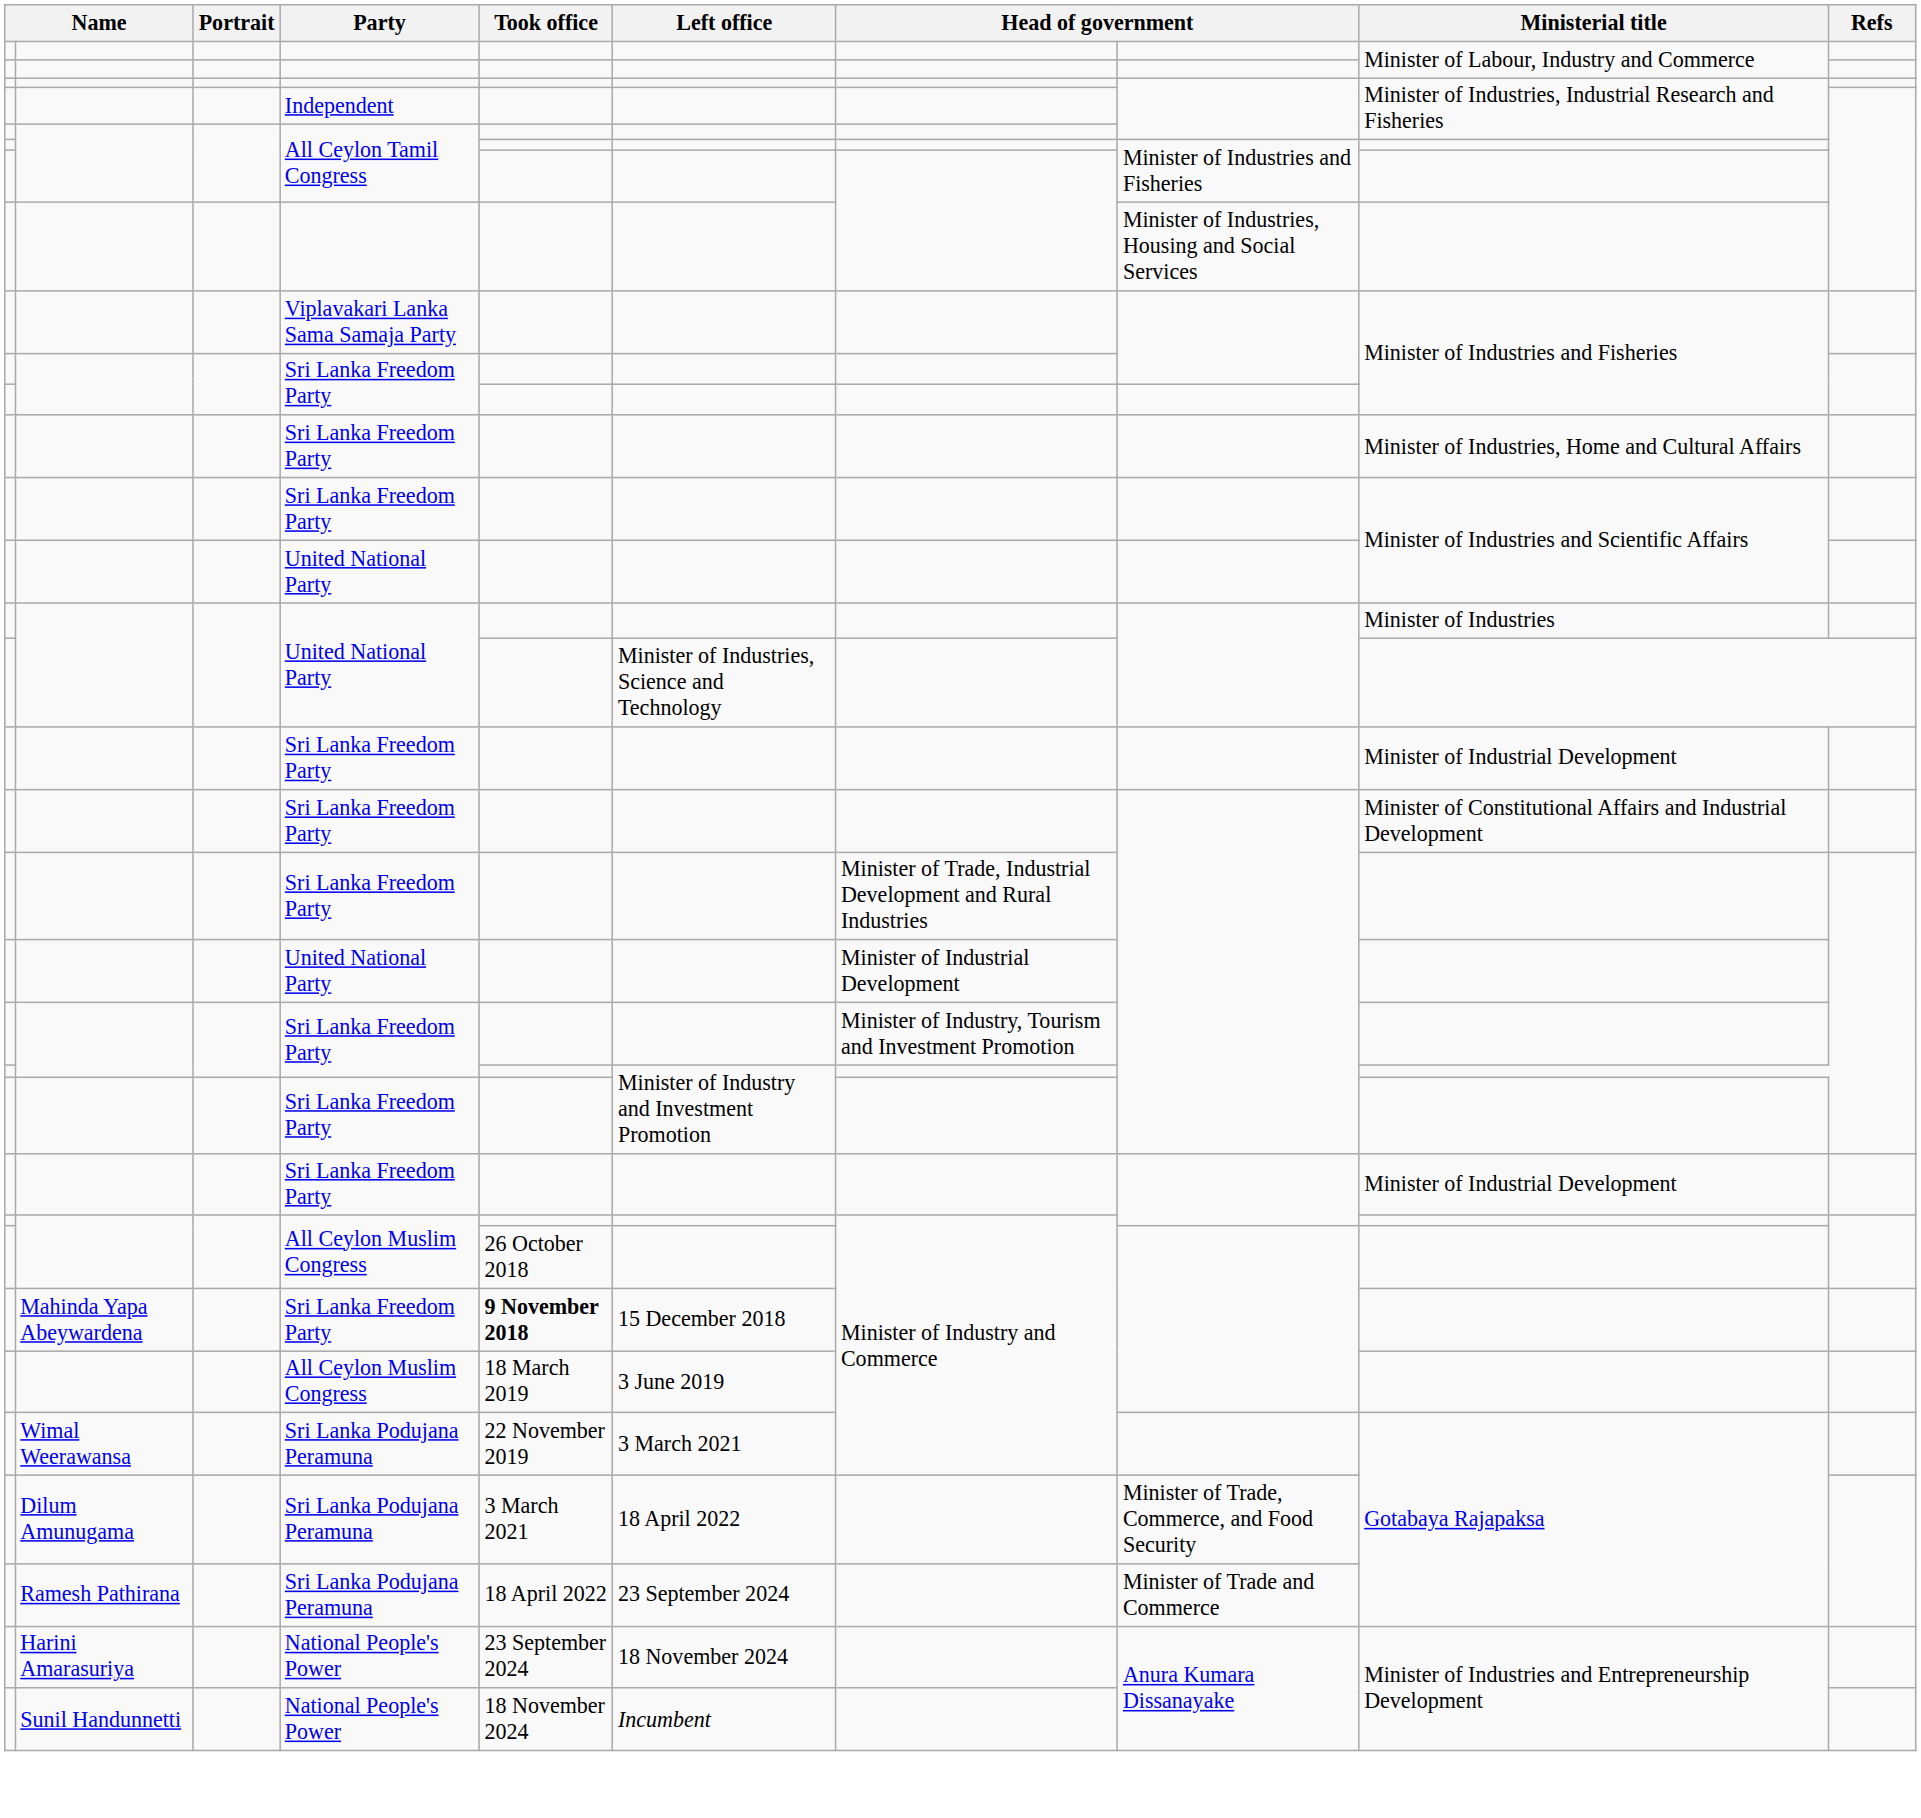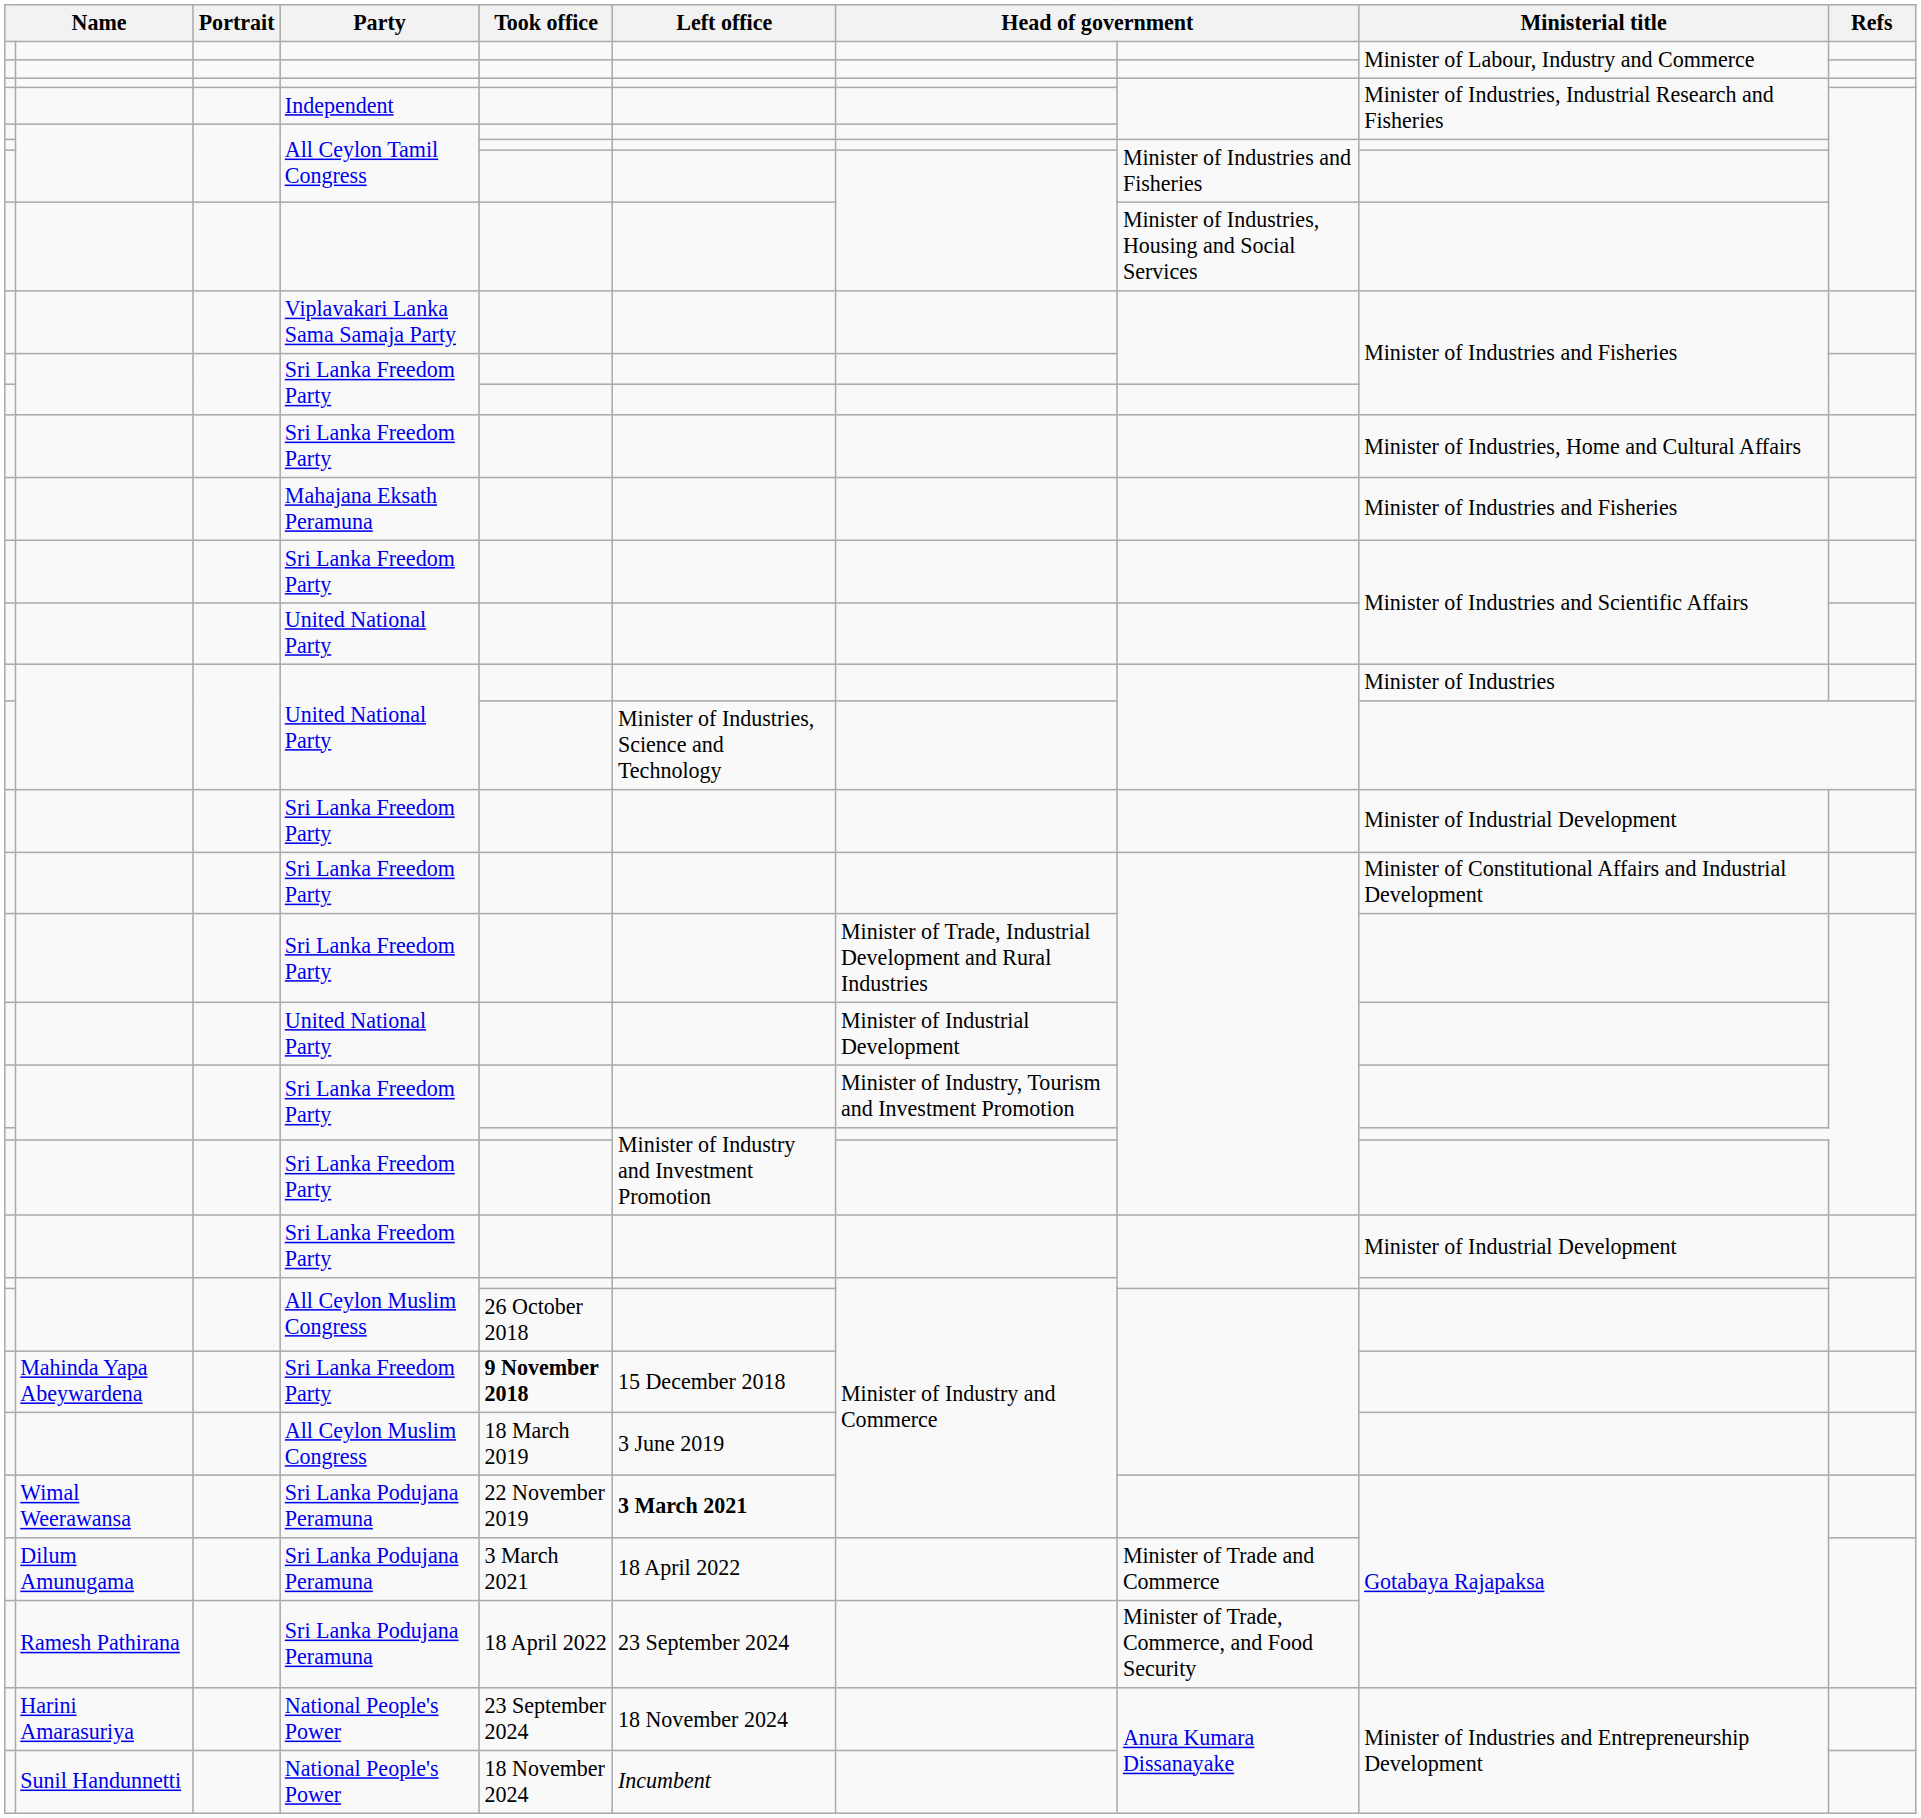 <table class="wikitable plainrowheaders sortable" style="font-size:90%; text-align:left;">
 <tr>
 <th scope=col colspan="2">Name</th>
 <th scope=col class=unsortable>Portrait</th>
 <th scope=col>Party</th>
 <th scope=col>Took office</th>
 <th scope=col>Left office</th>
 <th scope=col colspan="2">Head of government</th>
 <th scope=col width=300px>Ministerial title</th>
 <th scope=col width=50px class=unsortable>Refs</th>
 </tr>
 <tr>
 <td></td>
 <td></td>
 <td></td>
 <td></td>
 <td align=center></td>
 <td align=center></td>
 <td></td>
 <td></td>
 <td rowspan=2>Minister of Labour, Industry and Commerce</td>
 <td align=center></td>
 </tr>
 <tr>
 <td></td>
 <td></td>
 <td></td>
 <td></td>
 <td align=center></td>
 <td align=center></td>
 <td></td>
 <td></td>
 <td align=center></td>
 </tr>
 <tr>
 <td></td>
 <td></td>
 <td></td>
 <td></td>
 <td align=center></td>
 <td align=center></td>
 <td !align="center" style="background:"></td>
 <td rowspan=3></td>
 <td rowspan=3>Minister of Industries, Industrial Research and Fisheries</td>
 <td align=center></td>
 </tr>
 <tr>
 <td !align="center" style="background:"></td>
 <td></td>
 <td></td>
 <td><a href='#'>Independent</a></td>
 <td align=center></td>
 <td align=center></td>
 <td align=center></td>
 </tr>
 <tr>
 <td !align="center" style="background:"></td>
 <td rowspan=3></td>
 <td rowspan=3></td>
 <td rowspan=3><a href='#'>All Ceylon Tamil Congress</a></td>
 <td align=center></td>
 <td></td>
 <td align=center></td>
 </tr>
 <tr>
 <td align=center></td>
 <td></td>
 <td !align="center" style="background:"></td>
 <td></td>
 <td rowspan=2>Minister of Industries and Fisheries</td>
 <td align=center></td>
 </tr>
 <tr>
 <td></td>
 <td align=center></td>
 <td !align="center" style="background:"></td>
 <td rowspan=2></td>
 <td align=center></td>
 </tr>
 <tr>
 <td></td>
 <td></td>
 <td></td>
 <td></td>
 <td align=center></td>
 <td align=center></td>
 <td>Minister of Industries, Housing and Social Services</td>
 <td align=center></td>
 </tr>
 <tr>
 <td !align="center" style="background:"></td>
 <td></td>
 <td></td>
 <td><a href='#'>Viplavakari Lanka Sama Samaja Party</a></td>
 <td></td>
 <td align=center></td>
 <td !align="center" style="background:"></td>
 <td rowspan=2></td>
 <td rowspan=3>Minister of Industries and Fisheries</td>
 <td align=center></td>
 </tr>
 <tr>
 <td !align="center" style="background:"></td>
 <td rowspan=2></td>
 <td rowspan=2></td>
 <td rowspan=2><a href='#'>Sri Lanka Freedom Party</a></td>
 <td align=center></td>
 <td></td>
 <td align=center></td>
 </tr>
 <tr>
 <td></td>
 <td></td>
 <td !align="center" style="background:"></td>
 <td></td>
 <td></td>
 </tr>
 <tr>
 <td !align="center" style="background:"></td>
 <td></td>
 <td align=center></td>
 <td><a href='#'>Sri Lanka Freedom Party</a></td>
 <td align=center></td>
 <td></td>
 <td !align="center" style="background:"></td>
 <td></td>
 <td>Minister of Industries, Home and Cultural Affairs</td>
+<td align=center></td>
+</tr>
+<tr>
+<td !align="center" style="background:"></td>
+<td></td>
+<td align=center></td>
+<td><a href='#'>Mahajana Eksath Peramuna</a></td>
+<td align=center></td>
+<td></td>
+<td !align="center" style="background:"></td>
+<td></td>
+<td>Minister of Industries and Fisheries</td>
 <td align=center></td>
 </tr>
 <tr>
 <td !align="center" style="background:"></td>
 <td></td>
 <td></td>
 <td><a href='#'>Sri Lanka Freedom Party</a></td>
 <td></td>
 <td align=center></td>
 <td !align="center" style="background:"></td>
 <td></td>
 <td rowspan=2>Minister of Industries and Scientific Affairs</td>
 <td align=center></td>
 </tr>
 <tr>
 <td !align="center" style="background:"></td>
 <td></td>
 <td></td>
 <td><a href='#'>United National Party</a></td>
 <td align=center></td>
 <td></td>
 <td !align="center" style="background:"></td>
 <td></td>
 <td align=center></td>
 </tr>
 <tr>
 <td !align="center" style="background:"></td>
 <td rowspan=2></td>
 <td align=center rowspan=2></td>
 <td rowspan=2><a href='#'>United National Party</a></td>
 <td align=center></td>
 <td></td>
 <td !align="center" style="background:"></td>
 <td rowspan=2></td>
 <td>Minister of Industries</td>
 <td align=center></td>
 </tr>
 <tr>
 <td align=center></td>
 <td></td>
 <td>Minister of Industries, Science and Technology</td>
 <td align=center></td>
 </tr>
 <tr>
 <td !align="center" style="background:"></td>
 <td></td>
 <td></td>
 <td><a href='#'>Sri Lanka Freedom Party</a></td>
 <td align=center></td>
 <td></td>
 <td !align="center" style="background:"></td>
 <td></td>
 <td>Minister of Industrial Development</td>
 <td align=center></td>
 </tr>
 <tr>
 <td !align="center" style="background:"></td>
 <td></td>
 <td align=center></td>
 <td><a href='#'>Sri Lanka Freedom Party</a></td>
 <td align=center></td>
 <td></td>
 <td !align="center" style="background:"></td>
 <td rowspan=6></td>
 <td>Minister of Constitutional Affairs and Industrial Development</td>
 <td align=center></td>
 </tr>
 <tr>
 <td !align="center" style="background:"></td>
 <td></td>
 <td></td>
 <td><a href='#'>Sri Lanka Freedom Party</a></td>
 <td align=center></td>
 <td></td>
 <td>Minister of Trade, Industrial Development and Rural Industries</td>
 <td align=center></td>
 </tr>
 <tr>
 <td !align="center" style="background:"></td>
 <td></td>
 <td align=center></td>
 <td><a href='#'>United National Party</a></td>
 <td align=center></td>
 <td align=center></td>
 <td>Minister of Industrial Development</td>
 <td align=center></td>
 </tr>
 <tr>
 <td !align="center" style="background:"></td>
 <td rowspan=2></td>
 <td rowspan=2></td>
 <td rowspan=2><a href='#'>Sri Lanka Freedom Party</a></td>
 <td align=center></td>
 <td></td>
 <td>Minister of Industry, Tourism and Investment Promotion</td>
 <td align=center></td>
 </tr>
 <tr>
 <td align=center></td>
 <td></td>
 <td rowspan=2>Minister of Industry and Investment Promotion</td>
 <td align=center></td>
 </tr>
 <tr>
 <td !align="center" style="background:"></td>
 <td></td>
 <td align=center></td>
 <td><a href='#'>Sri Lanka Freedom Party</a></td>
 <td align=center></td>
 <td></td>
 <td align=center></td>
 </tr>
 <tr>
 <td !align="center" style="background:"></td>
 <td></td>
 <td></td>
 <td><a href='#'>Sri Lanka Freedom Party</a></td>
 <td align=center></td>
 <td></td>
 <td !align="center" style="background:"></td>
 <td rowspan=2></td>
 <td>Minister of Industrial Development</td>
 <td align=center></td>
 </tr>
 <tr>
 <td !align="center" style="background:"></td>
 <td rowspan=2></td>
 <td align=center rowspan=2></td>
 <td rowspan=2><a href='#'>All Ceylon Muslim Congress</a></td>
 <td align=center></td>
 <td align=center></td>
 <td rowspan="5">Minister of Industry and Commerce</td>
 <td align=center></td>
 </tr>
 <tr>
 <td align=center></td>
 <td>26 October 2018</td>
 <td style="background:"></td>
 <td rowspan="3"></td>
 <td align=center></td>
 </tr>
 <tr>
 <td !align="center" style="background:"></td>
 <td><a href='#'>Mahinda Yapa Abeywardena</a></td>
 <td></td>
 <td><a href='#'>Sri Lanka Freedom Party</a></td>
 <td><strong>9 November 2018</strong></td>
 <td>15 December 2018</td>
 <td !align="center" style="background:"></td>
 <td></td>
 </tr>
 <tr>
 <td !align="center" style="background:"></td>
 <td></td>
 <td></td>
 <td><a href='#'>All Ceylon Muslim Congress</a></td>
 <td>18 March 2019</td>
 <td>3 June 2019</td>
 <td !align="center" style="background:"></td>
 <td></td>
 </tr>
 <tr>
 <td !align="center" style="background:"></td>
 <td><a href='#'>Wimal Weerawansa</a></td>
 <td></td>
 <td><a href='#'>Sri Lanka Podujana Peramuna</a></td>
 <td>22 November 2019</td>
-<td>3 March 2021</td>
+<td><strong>3 March 2021</strong></td>
 <td !align="center" style="background:"></td>
 <td rowspan="3"><a href='#'>Gotabaya Rajapaksa</a></td>
 <td></td>
 </tr>
 <tr>
 <td !align="center" style="background:"></td>
 <td><a href='#'>Dilum Amunugama</a></td>
 <td></td>
 <td><a href='#'>Sri Lanka Podujana Peramuna</a></td>
 <td>3 March 2021</td>
 <td>18 April 2022</td>
 <td !align="center" style="background:"></td>
-<td>Minister of Trade, Commerce, and Food Security</td>
+<td>Minister of Trade and Commerce</td>
 </tr>
 <tr>
 <td !align="center" style="background:"></td>
 <td><a href='#'>Ramesh Pathirana</a></td>
 <td></td>
 <td><a href='#'>Sri Lanka Podujana Peramuna</a></td>
 <td>18 April 2022</td>
 <td>23 September 2024</td>
 <td !align="center" style="background:"></td>
-<td>Minister of Trade and Commerce</td>
+<td>Minister of Trade, Commerce, and Food Security</td>
 </tr>
 <tr>
 <td !align="center" style="background:"></td>
 <td><a href='#'>Harini Amarasuriya</a></td>
 <td></td>
 <td><a href='#'>National People's Power</a></td>
 <td>23 September 2024</td>
 <td>18 November 2024</td>
 <td !align="center" style="background:"></td>
 <td rowspan="2"><a href='#'>Anura Kumara Dissanayake</a></td>
 <td rowspan="2">Minister of Industries and Entrepreneurship Development</td>
 <td></td>
 </tr>
 <tr>
 <td !align="center" style="background:"></td>
 <td><a href='#'>Sunil Handunnetti</a></td>
 <td></td>
 <td><a href='#'>National People's Power</a></td>
 <td>18 November 2024</td>
 <td><em>Incumbent</em></td>
 <td !align="center" style="background:"></td>
 <td></td>
 </tr>
 </table>
